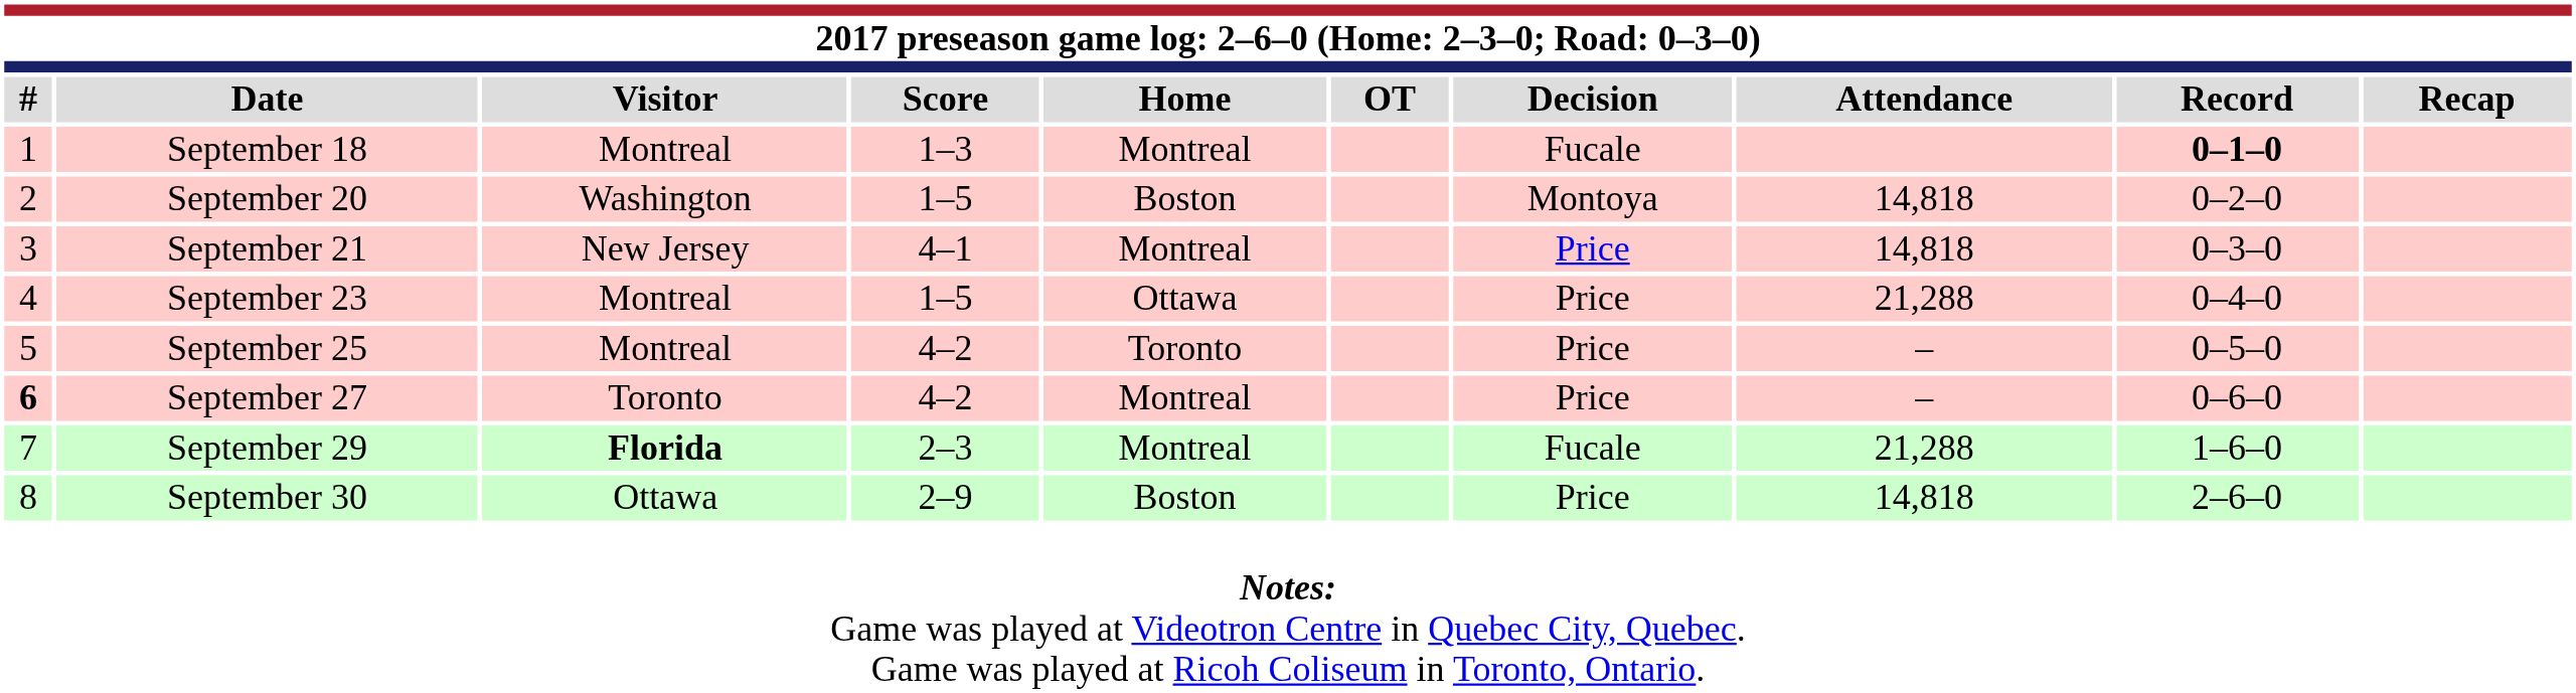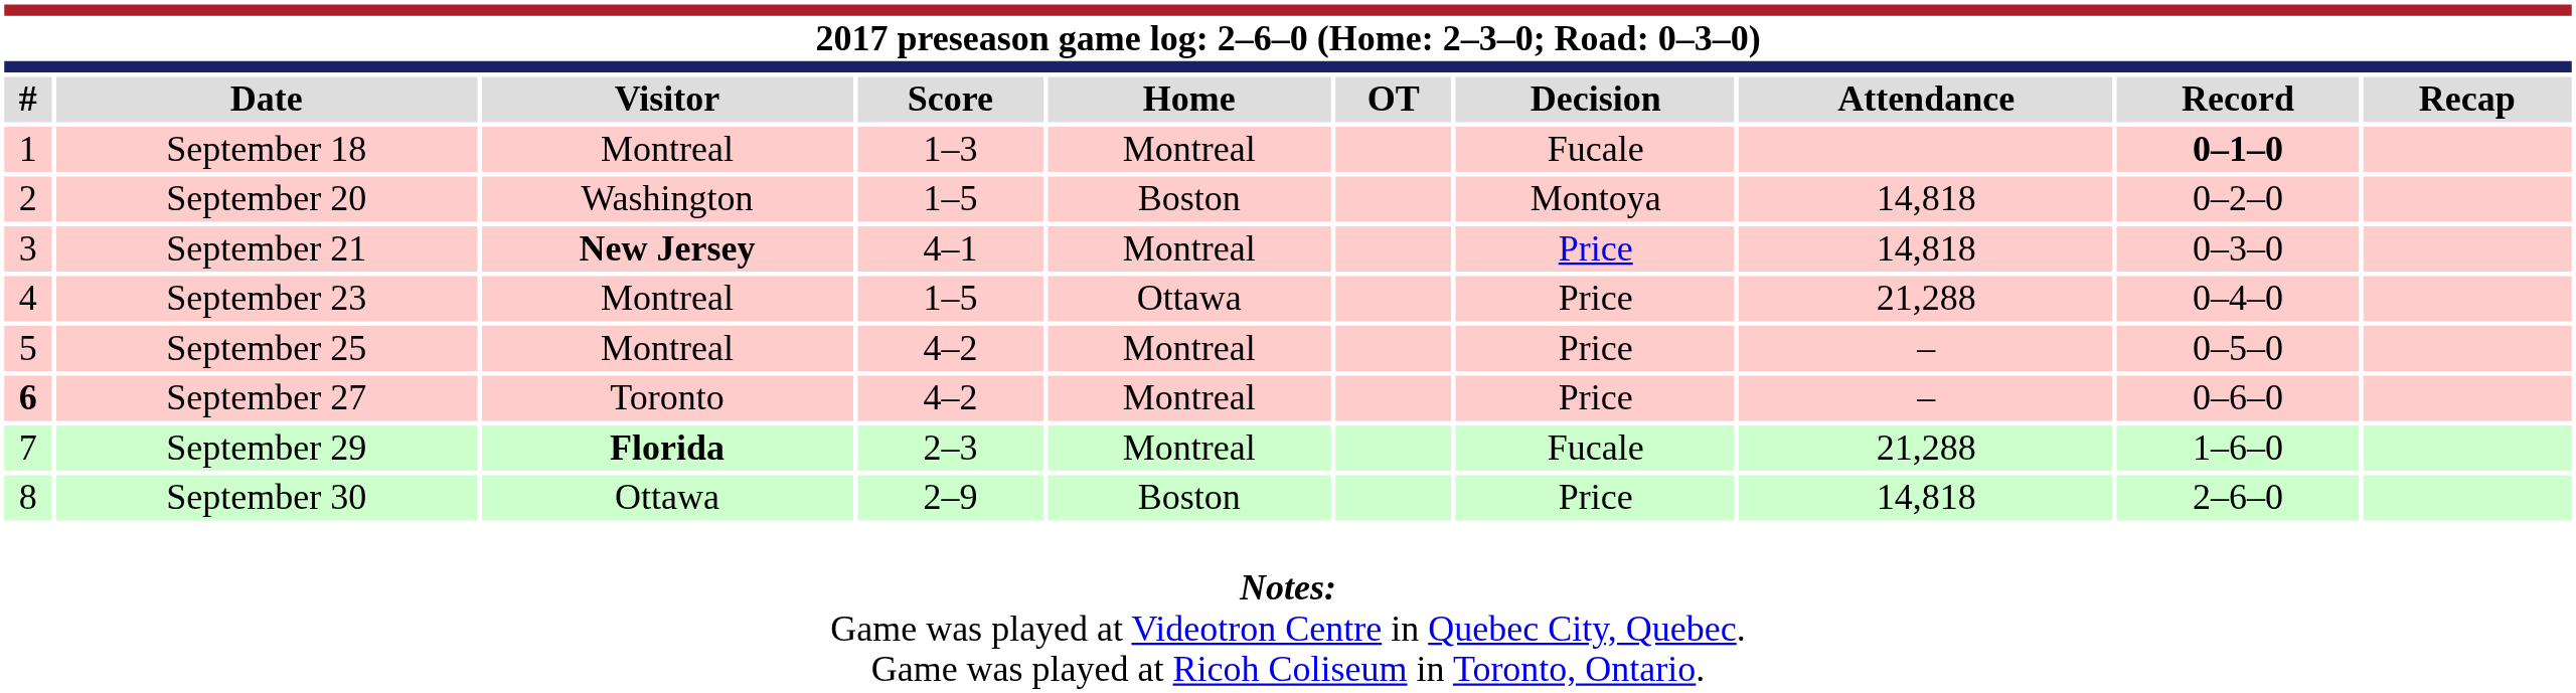 <table class="toccolours collapsible collapsed" style="width:90%; clear:both; margin:1.5em auto; text-align:center;">
 <tr>
 <th colspan="10" style="background:#fff; border-top:#af1e2d 5px solid; border-bottom:#192168 5px solid;">2017 preseason game log: 2–6–0 (Home: 2–3–0; Road: 0–3–0)</th>
 </tr>
 <tr style="background:#ddd;">
 <th>#</th>
 <th>Date</th>
 <th>Visitor</th>
 <th>Score</th>
 <th>Home</th>
 <th>OT</th>
 <th>Decision</th>
 <th>Attendance</th>
 <th>Record</th>
 <th>Recap</th>
 </tr>
 <tr style="background:#fcc;">
 <td>1</td>
 <td>September 18</td>
 <td>Montreal</td>
 <td>1–3</td>
 <td>Montreal</td>
 <td></td>
 <td>Fucale</td>
 <td></td>
 <td><strong>0–1–0</strong></td>
 <td></td>
 </tr>
 <tr style="background:#fcc;">
 <td>2</td>
 <td>September 20</td>
 <td>Washington</td>
 <td>1–5</td>
 <td>Boston</td>
 <td></td>
 <td>Montoya</td>
 <td>14,818</td>
 <td>0–2–0</td>
 <td></td>
 </tr>
 <tr style="background:#fcc;">
 <td>3</td>
 <td>September 21</td>
-<td>New Jersey</td>
+<td><strong>New Jersey</strong></td>
 <td>4–1</td>
 <td>Montreal</td>
 <td></td>
 <td><a href='#'>Price</a></td>
 <td>14,818</td>
 <td>0–3–0</td>
 <td></td>
 </tr>
 <tr style="background:#fcc;">
 <td>4</td>
 <td>September 23</td>
 <td>Montreal</td>
 <td>1–5</td>
 <td>Ottawa</td>
 <td></td>
 <td>Price</td>
 <td>21,288</td>
 <td>0–4–0</td>
 <td></td>
 </tr>
 <tr style="background:#fcc;">
 <td>5</td>
 <td>September 25</td>
 <td>Montreal</td>
 <td>4–2</td>
-<td>Toronto</td>
+<td>Montreal</td>
 <td></td>
 <td>Price</td>
 <td>–</td>
 <td>0–5–0</td>
 <td></td>
 </tr>
 <tr style="background:#fcc;">
 <td><strong>6</strong></td>
 <td>September 27</td>
 <td>Toronto</td>
 <td>4–2</td>
 <td>Montreal</td>
 <td></td>
 <td>Price</td>
 <td>–</td>
 <td>0–6–0</td>
 <td></td>
 </tr>
 <tr style="background:#cfc;">
 <td>7</td>
 <td>September 29</td>
 <td><strong>Florida</strong></td>
 <td>2–3</td>
 <td>Montreal</td>
 <td></td>
 <td>Fucale</td>
 <td>21,288</td>
 <td>1–6–0</td>
 <td></td>
 </tr>
 <tr style="background:#cfc;">
 <td>8</td>
 <td>September 30</td>
 <td>Ottawa</td>
 <td>2–9</td>
 <td>Boston</td>
 <td></td>
 <td>Price</td>
 <td>14,818</td>
 <td>2–6–0</td>
 <td></td>
 </tr>
 <tr>
 <td colspan="10" style="text-align:center;"><br><strong><em>Notes:</em></strong><br>  Game was played at <a href='#'>Videotron Centre</a> in <a href='#'>Quebec City, Quebec</a>.<br>  Game was played at <a href='#'>Ricoh Coliseum</a> in <a href='#'>Toronto, Ontario</a>.</td>
 </tr>
 </table>
